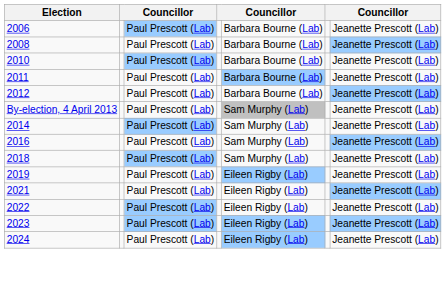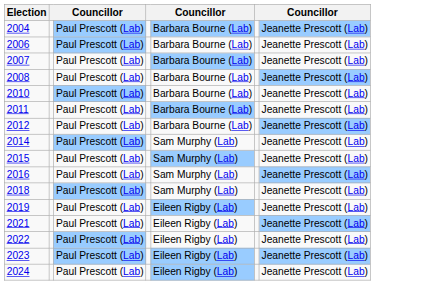 <table class="wikitable">
 <tr>
 <th>Election</th>
 <th colspan="2">Councillor</th>
 <th colspan="2">Councillor</th>
 <th colspan="2">Councillor</th>
 </tr>
 <tr>
+<td><a href='#'>2004</a></td>
+<td style="background-color: "></td>
+<td bgcolor="#99CCFF">Paul Prescott (<a href='#'>Lab</a>)</td>
+<td style="background-color: "></td>
+<td bgcolor="#99CCFF">Barbara Bourne (<a href='#'>Lab</a>)</td>
+<td style="background-color: "></td>
+<td bgcolor="#99CCFF">Jeanette Prescott (<a href='#'>Lab</a>)</td>
+</tr>
+<tr>
 <td><a href='#'>2006</a></td>
 <td style="background-color: "></td>
 <td bgcolor="#99CCFF">Paul Prescott (<a href='#'>Lab</a>)</td>
 <td style="background-color: "></td>
 <td>Barbara Bourne (<a href='#'>Lab</a>)</td>
+<td style="background-color: "></td>
+<td>Jeanette Prescott (<a href='#'>Lab</a>)</td>
+</tr>
+<tr>
+<td><a href='#'>2007</a></td>
+<td style="background-color: "></td>
+<td>Paul Prescott (<a href='#'>Lab</a>)</td>
+<td style="background-color: "></td>
+<td bgcolor="#99CCFF">Barbara Bourne (<a href='#'>Lab</a>)</td>
 <td style="background-color: "></td>
 <td>Jeanette Prescott (<a href='#'>Lab</a>)</td>
 </tr>
 <tr>
 <td><a href='#'>2008</a></td>
 <td style="background-color: "></td>
 <td>Paul Prescott (<a href='#'>Lab</a>)</td>
 <td style="background-color: "></td>
 <td>Barbara Bourne (<a href='#'>Lab</a>)</td>
 <td style="background-color: "></td>
 <td bgcolor="#99CCFF">Jeanette Prescott (<a href='#'>Lab</a>)</td>
 </tr>
 <tr>
 <td><a href='#'>2010</a></td>
 <td style="background-color: "></td>
 <td bgcolor="#99CCFF">Paul Prescott (<a href='#'>Lab</a>)</td>
 <td style="background-color: "></td>
 <td>Barbara Bourne (<a href='#'>Lab</a>)</td>
 <td style="background-color: "></td>
 <td>Jeanette Prescott (<a href='#'>Lab</a>)</td>
 </tr>
 <tr>
 <td><a href='#'>2011</a></td>
 <td style="background-color: "></td>
 <td>Paul Prescott (<a href='#'>Lab</a>)</td>
 <td style="background-color: "></td>
 <td bgcolor="#99CCFF">Barbara Bourne (<a href='#'>Lab</a>)</td>
 <td style="background-color: "></td>
 <td>Jeanette Prescott (<a href='#'>Lab</a>)</td>
 </tr>
 <tr>
 <td><a href='#'>2012</a></td>
 <td style="background-color: "></td>
 <td>Paul Prescott (<a href='#'>Lab</a>)</td>
 <td style="background-color: "></td>
 <td>Barbara Bourne (<a href='#'>Lab</a>)</td>
 <td style="background-color: "></td>
 <td bgcolor="#99CCFF">Jeanette Prescott (<a href='#'>Lab</a>)</td>
 </tr>
 <tr>
-<td><a href='#'>By-election, 4 April 2013</a></td>
-<td style="background-color: "></td>
-<td>Paul Prescott (<a href='#'>Lab</a>)</td>
-<td style="background-color: "></td>
-<td bgcolor="#C0C0C0">Sam Murphy (<a href='#'>Lab</a>)</td>
-<td style="background-color: "></td>
-<td>Jeanette Prescott (<a href='#'>Lab</a>)</td>
-</tr>
-<tr>
 <td><a href='#'>2014</a></td>
 <td style="background-color: "></td>
 <td bgcolor="#99CCFF">Paul Prescott (<a href='#'>Lab</a>)</td>
 <td style="background-color: "></td>
 <td>Sam Murphy (<a href='#'>Lab</a>)</td>
+<td style="background-color: "></td>
+<td>Jeanette Prescott (<a href='#'>Lab</a>)</td>
+</tr>
+<tr>
+<td><a href='#'>2015</a></td>
+<td style="background-color: "></td>
+<td>Paul Prescott (<a href='#'>Lab</a>)</td>
+<td style="background-color: "></td>
+<td bgcolor="#99CCFF">Sam Murphy (<a href='#'>Lab</a>)</td>
 <td style="background-color: "></td>
 <td>Jeanette Prescott (<a href='#'>Lab</a>)</td>
 </tr>
 <tr>
 <td><a href='#'>2016</a></td>
 <td style="background-color: "></td>
 <td>Paul Prescott (<a href='#'>Lab</a>)</td>
 <td style="background-color: "></td>
 <td>Sam Murphy (<a href='#'>Lab</a>)</td>
 <td style="background-color: "></td>
 <td bgcolor="#99CCFF">Jeanette Prescott (<a href='#'>Lab</a>)</td>
 </tr>
 <tr>
 <td><a href='#'>2018</a></td>
 <td style="background-color: "></td>
 <td bgcolor="#99CCFF">Paul Prescott (<a href='#'>Lab</a>)</td>
 <td style="background-color: "></td>
 <td>Sam Murphy (<a href='#'>Lab</a>)</td>
 <td style="background-color: "></td>
 <td>Jeanette Prescott (<a href='#'>Lab</a>)</td>
 </tr>
 <tr>
 <td><a href='#'>2019</a></td>
 <td style="background-color: "></td>
 <td>Paul Prescott (<a href='#'>Lab</a>)</td>
 <td style="background-color: "></td>
 <td bgcolor="#99CCFF">Eileen Rigby (<a href='#'>Lab</a>)</td>
 <td style="background-color: "></td>
 <td>Jeanette Prescott (<a href='#'>Lab</a>)</td>
 </tr>
 <tr>
 <td><a href='#'>2021</a></td>
 <td style="background-color: "></td>
 <td>Paul Prescott (<a href='#'>Lab</a>)</td>
 <td style="background-color: "></td>
 <td>Eileen Rigby (<a href='#'>Lab</a>)</td>
 <td style="background-color: "></td>
 <td bgcolor="#99CCFF">Jeanette Prescott (<a href='#'>Lab</a>)</td>
 </tr>
 <tr>
 <td><a href='#'>2022</a></td>
 <td style="background-color: "></td>
 <td bgcolor="#99CCFF">Paul Prescott (<a href='#'>Lab</a>)</td>
 <td style="background-color: "></td>
 <td>Eileen Rigby (<a href='#'>Lab</a>)</td>
 <td style="background-color: "></td>
 <td>Jeanette Prescott (<a href='#'>Lab</a>)</td>
 </tr>
 <tr>
 <td><a href='#'>2023</a></td>
 <td style="background-color: "></td>
 <td bgcolor="#99CCFF">Paul Prescott (<a href='#'>Lab</a>)</td>
 <td style="background-color: "></td>
 <td bgcolor="#99CCFF">Eileen Rigby (<a href='#'>Lab</a>)</td>
 <td style="background-color: "></td>
 <td bgcolor="#99CCFF">Jeanette Prescott (<a href='#'>Lab</a>)</td>
 </tr>
 <tr>
 <td><a href='#'>2024</a></td>
 <td style="background-color: "></td>
 <td>Paul Prescott (<a href='#'>Lab</a>)</td>
 <td style="background-color: "></td>
 <td bgcolor="#99CCFF">Eileen Rigby   (<a href='#'>Lab</a>)</td>
 <td style="background-color: "></td>
 <td>Jeanette Prescott (<a href='#'>Lab</a>)</td>
 </tr>
 </table>
